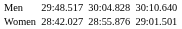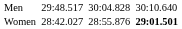 <table>
 <tr>
 <td align="left">Men</td>
 <td></td>
 <td>29:48.517</td>
 <td></td>
 <td>30:04.828</td>
 <td></td>
 <td>30:10.640</td>
 </tr>
 <tr>
 <td align="left">Women</td>
 <td></td>
 <td>28:42.027</td>
 <td></td>
 <td>28:55.876</td>
 <td></td>
-<td>29:01.501</td>
+<td><strong>29:01.501</strong></td>
 </tr>
 </table>
